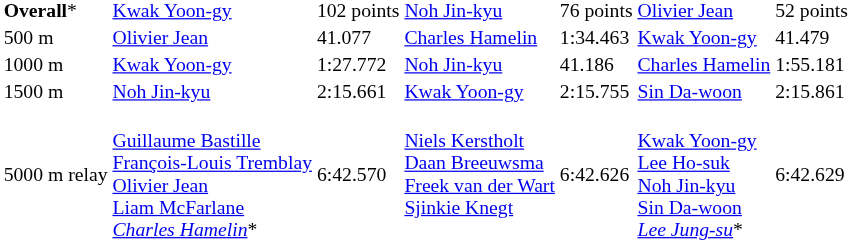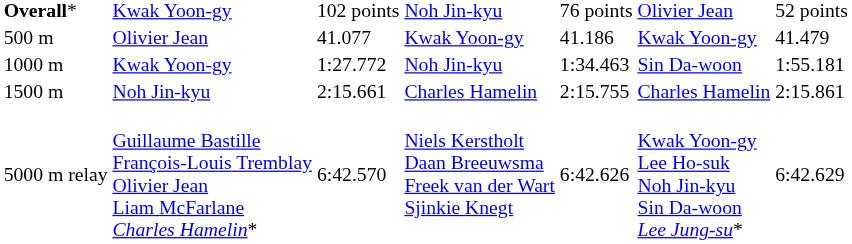 <table>
 <tr>
 <td><strong>Overall</strong>*</td>
 <td><a href='#'>Kwak Yoon-gy</a><br></td>
 <td>102 points</td>
 <td><a href='#'>Noh Jin-kyu</a><br></td>
 <td>76 points</td>
 <td><a href='#'>Olivier Jean</a><br></td>
 <td>52 points</td>
 </tr>
 <tr>
 <td>500 m<br></td>
 <td><a href='#'>Olivier Jean</a><br></td>
 <td>41.077</td>
-<td><a href='#'>Charles Hamelin</a><br></td>
-<td>1:34.463</td>
+<td><a href='#'>Kwak Yoon-gy</a><br></td>
+<td>41.186</td>
 <td><a href='#'>Kwak Yoon-gy</a><br></td>
 <td>41.479</td>
 </tr>
 <tr>
 <td>1000 m<br></td>
 <td><a href='#'>Kwak Yoon-gy</a><br></td>
 <td>1:27.772</td>
 <td><a href='#'>Noh Jin-kyu</a><br></td>
-<td>41.186</td>
-<td><a href='#'>Charles Hamelin</a><br></td>
+<td>1:34.463</td>
+<td><a href='#'>Sin Da-woon</a><br></td>
 <td>1:55.181</td>
 </tr>
 <tr>
 <td>1500 m<br></td>
 <td><a href='#'>Noh Jin-kyu</a><br></td>
 <td>2:15.661</td>
-<td><a href='#'>Kwak Yoon-gy</a><br></td>
+<td><a href='#'>Charles Hamelin</a><br></td>
 <td>2:15.755</td>
-<td><a href='#'>Sin Da-woon</a><br></td>
+<td><a href='#'>Charles Hamelin</a><br></td>
 <td>2:15.861</td>
 </tr>
 <tr>
 <td>5000 m relay<br></td>
 <td><br><a href='#'>Guillaume Bastille</a><br><a href='#'>François-Louis Tremblay</a><br><a href='#'>Olivier Jean</a><br><a href='#'>Liam McFarlane</a><br><em><a href='#'>Charles Hamelin</a></em>*</td>
 <td>6:42.570</td>
 <td valign=top><br><a href='#'>Niels Kerstholt</a><br><a href='#'>Daan Breeuwsma</a><br><a href='#'>Freek van der Wart</a><br><a href='#'>Sjinkie Knegt</a></td>
 <td>6:42.626</td>
 <td><br><a href='#'>Kwak Yoon-gy</a><br><a href='#'>Lee Ho-suk</a><br><a href='#'>Noh Jin-kyu</a><br><a href='#'>Sin Da-woon</a><br><em><a href='#'>Lee Jung-su</a></em>*</td>
 <td>6:42.629</td>
 </tr>
 </table>
